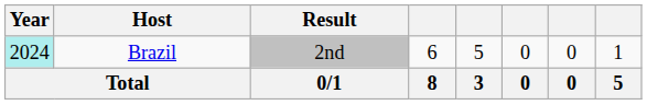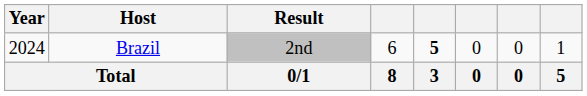 <table class="wikitable" style="text-align:center">
 <tr>
 <th width=30>Year</th>
 <th width=150>Host</th>
 <th width=120>Result</th>
 <th width=30></th>
 <th width=30></th>
 <th width=30></th>
 <th width=30></th>
 <th width=30></th>
 </tr>
 <tr>
-<td style="background: paleturquoise;">2024</td>
+<td>2024</td>
 <td> <a href='#'>Brazil</a></td>
 <td bgcolor="silver">2nd</td>
 <td>6</td>
-<td>5</td>
+<td><strong>5</strong></td>
 <td>0</td>
 <td>0</td>
 <td>1</td>
 </tr>
 <tr>
 <th colspan=2>Total</th>
 <th>0/1</th>
 <th>8</th>
 <th>3</th>
 <th>0</th>
 <th>0</th>
 <th>5</th>
 </tr>
 </table>
